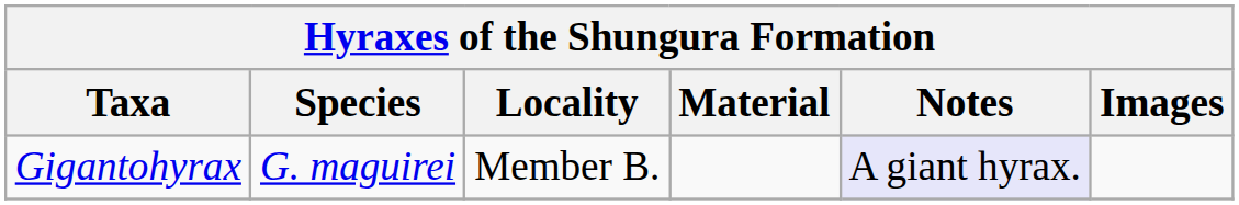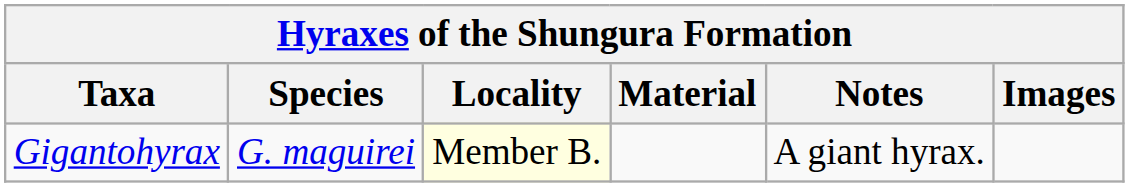 <table class="wikitable" align="center">
 <tr>
 <th colspan="6" align="center"><strong><a href='#'>Hyraxes</a></strong> of the Shungura Formation</th>
 </tr>
 <tr>
 <th>Taxa</th>
 <th>Species</th>
 <th>Locality</th>
 <th>Material</th>
 <th>Notes</th>
 <th>Images</th>
 </tr>
 <tr>
 <td><em><a href='#'>Gigantohyrax</a></em></td>
 <td><em><a href='#'>G. maguirei</a></em></td>
-<td>Member B.</td>
+<td style="background: lightyellow;">Member B.</td>
 <td></td>
-<td style="background: lavender;">A giant hyrax.</td>
+<td>A giant hyrax.</td>
 <td></td>
 </tr>
 </table>
